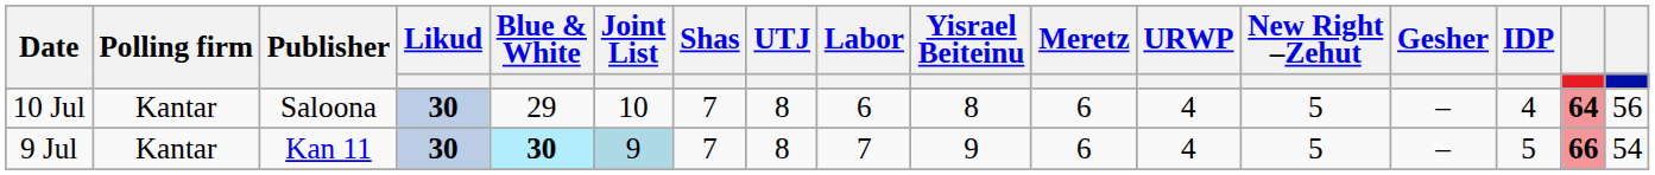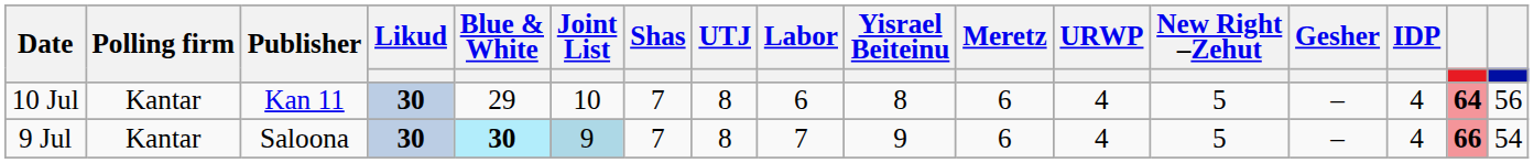 <table class="wikitable sortable" style="text-align:center;font-size:90%;line-height:13px">
 <tr>
 <th rowspan="2">Date</th>
 <th rowspan="2">Polling firm</th>
 <th rowspan="2">Publisher</th>
 <th><a href='#'>Likud</a></th>
 <th><a href='#'>Blue &<br>White</a></th>
 <th><a href='#'>Joint<br>List</a></th>
 <th><a href='#'>Shas</a></th>
 <th><a href='#'>UTJ</a></th>
 <th><a href='#'>Labor</a></th>
 <th><a href='#'>Yisrael<br>Beiteinu</a></th>
 <th><a href='#'>Meretz</a></th>
 <th><a href='#'>URWP</a></th>
 <th><a href='#'>New Right</a><br>–<a href='#'>Zehut</a></th>
 <th><a href='#'>Gesher</a></th>
 <th><a href='#'>IDP</a></th>
 <th></th>
 <th></th>
 </tr>
 <tr>
 <th style="background:"></th>
 <th style="background:"></th>
 <th style="background:"></th>
 <th style="background:"></th>
 <th style="background:"></th>
 <th style="background:"></th>
 <th style="background:"></th>
 <th style="background:"></th>
 <th style="background:"></th>
 <th style="background:"></th>
 <th style="background:"></th>
 <th style="background:"></th>
 <th style="background:#E81B23;"></th>
 <th style="background:#000EA3;"></th>
 </tr>
 <tr>
 <td data-sort-value="2019-07-10">10 Jul</td>
 <td>Kantar</td>
-<td>Saloona</td>
+<td><a href='#'>Kan 11</a></td>
 <td style="background:#BBCDE4"><strong>30</strong>	</td>
 <td>29					</td>
 <td>10					</td>
 <td>7					</td>
 <td>8					</td>
 <td>6					</td>
 <td>8					</td>
 <td>6					</td>
 <td>4					</td>
 <td>5					</td>
 <td>–					</td>
 <td>4					</td>
 <td style="background:#F4959A"><strong>64</strong>	</td>
 <td>56					</td>
 </tr>
 <tr>
 <td data-sort-value="2019-07-09">9 Jul</td>
 <td>Kantar</td>
-<td><a href='#'>Kan 11</a></td>
+<td>Saloona</td>
 <td style="background:#BBCDE4"><strong>30</strong>	</td>
 <td style="background:#B2EDFB"><strong>30</strong>	</td>
 <td style="background: lightblue;">9					</td>
 <td>7					</td>
 <td>8					</td>
 <td>7					</td>
 <td>9					</td>
 <td>6					</td>
 <td>4					</td>
 <td>5					</td>
 <td>–					</td>
-<td>5					</td>
+<td>4					</td>
 <td style="background:#F4959A"><strong>66</strong>	</td>
 <td>54					</td>
 </tr>
 </table>
